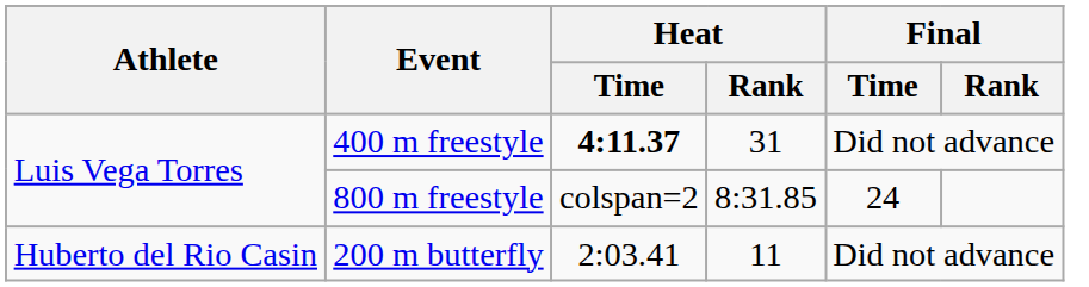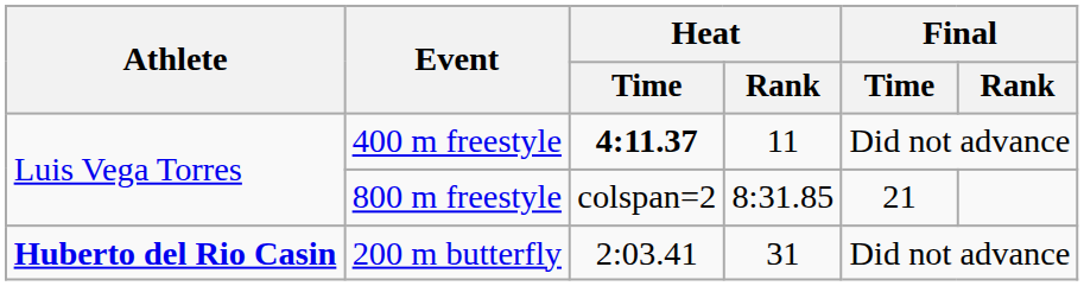 <table class=wikitable style="font-size:90%">
 <tr>
 <th rowspan=2>Athlete</th>
 <th rowspan=2>Event</th>
 <th colspan="2">Heat</th>
 <th colspan="2">Final</th>
 </tr>
 <tr style="font-size:95%">
 <th>Time</th>
 <th>Rank</th>
 <th>Time</th>
 <th>Rank</th>
 </tr>
 <tr align=center>
 <td align=left rowspan=2><a href='#'>Luis Vega Torres</a></td>
 <td align=left><a href='#'>400 m freestyle</a></td>
 <td><strong>4:11.37</strong></td>
-<td>31</td>
+<td>11</td>
 <td colspan= 2>Did not advance</td>
 </tr>
 <tr align=center>
 <td align=left><a href='#'>800 m freestyle</a></td>
 <td>colspan=2 </td>
 <td>8:31.85</td>
-<td>24</td>
+<td>21</td>
 </tr>
 <tr align=center>
-<td align=left><a href='#'>Huberto del Rio Casin</a></td>
+<td align=left><strong><a href='#'>Huberto del Rio Casin</a></strong></td>
 <td align=left><a href='#'>200 m butterfly</a></td>
 <td>2:03.41</td>
-<td>11</td>
+<td>31</td>
 <td colspan= 2>Did not advance</td>
 </tr>
 </table>
